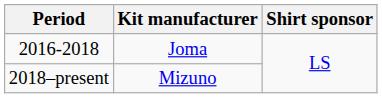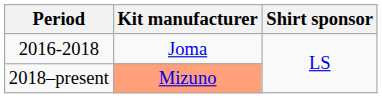 <table class="wikitable" style="text-align: center">
 <tr>
 <th>Period</th>
 <th>Kit manufacturer</th>
 <th>Shirt sponsor</th>
 </tr>
 <tr>
 <td>2016-2018</td>
 <td> <a href='#'>Joma</a></td>
 <td rowspan="2"><a href='#'>LS</a></td>
 </tr>
 <tr>
 <td>2018–present</td>
-<td> <a href='#'>Mizuno</a></td>
+<td style="background: lightsalmon;"> <a href='#'>Mizuno</a></td>
 </tr>
 </table>
